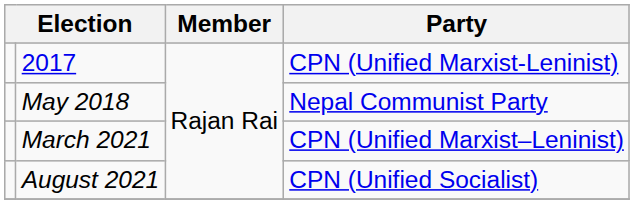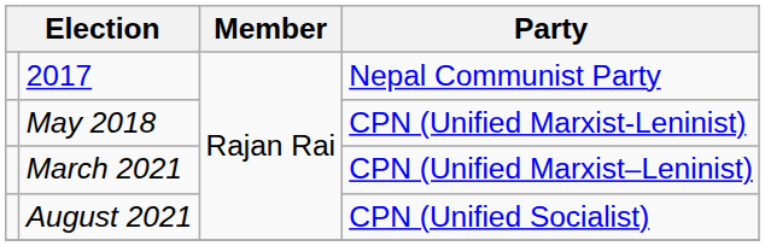 <table class="wikitable">
 <tr>
 <th colspan="2">Election</th>
 <th>Member</th>
 <th>Party</th>
 </tr>
 <tr>
 <td style="background-color:"></td>
 <td><a href='#'>2017</a></td>
 <td rowspan="4">Rajan Rai</td>
-<td><a href='#'>CPN (Unified Marxist-Leninist)</a></td>
+<td><a href='#'>Nepal Communist Party</a></td>
 </tr>
 <tr>
 <td style="background-color:"></td>
 <td><em>May 2018</em></td>
-<td><a href='#'>Nepal Communist Party</a></td>
+<td><a href='#'>CPN (Unified Marxist-Leninist)</a></td>
 </tr>
 <tr>
 <td style="background-color:"></td>
 <td><em>March 2021</em></td>
 <td><a href='#'>CPN (Unified Marxist–Leninist)</a></td>
 </tr>
 <tr>
 <td style="background-color:"></td>
 <td><em>August 2021</em></td>
 <td><a href='#'>CPN (Unified Socialist)</a></td>
 </tr>
 <tr>
 </tr>
 </table>
